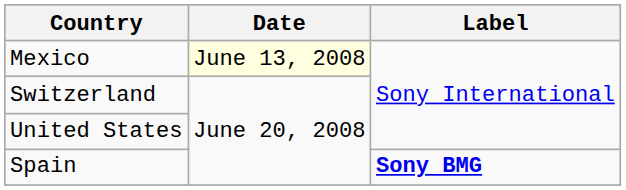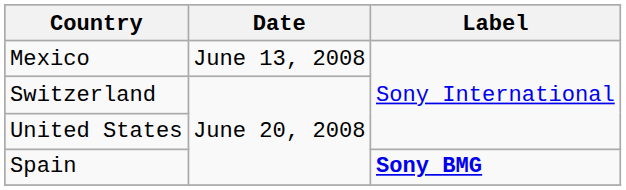 <table class="wikitable">
 <tr>
 <th>Country</th>
 <th>Date</th>
 <th>Label</th>
 </tr>
 <tr>
 <td>Mexico</td>
-<td style="background: lightyellow;">June 13, 2008</td>
+<td>June 13, 2008</td>
 <td rowspan="3"><a href='#'>Sony International</a></td>
 </tr>
 <tr>
 <td>Switzerland</td>
 <td rowspan="3">June 20, 2008</td>
 </tr>
 <tr>
 <td>United States</td>
 </tr>
 <tr>
 <td>Spain</td>
 <td><strong><a href='#'>Sony BMG</a></strong></td>
 </tr>
 </table>
